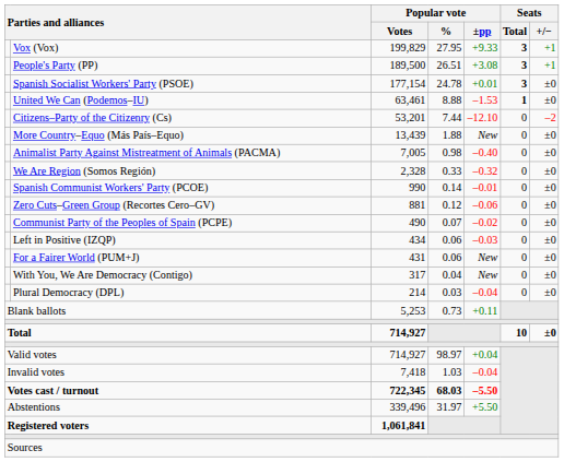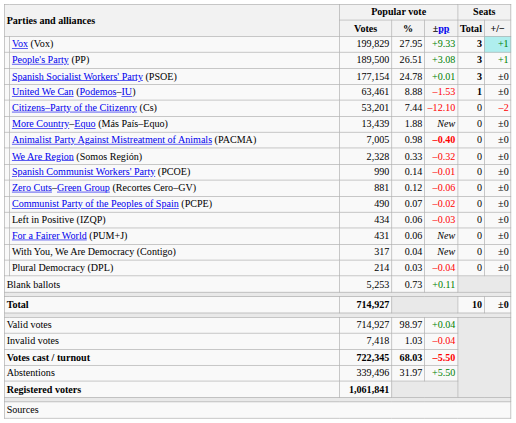 <table class="wikitable" style="text-align:right;">
 <tr>
 <th style="text-align:left;" rowspan="2" colspan="2" width="525">Parties and alliances</th>
 <th colspan="3">Popular vote</th>
 <th colspan="2">Seats</th>
 </tr>
 <tr>
 <th width="75">Votes</th>
 <th width="45">%</th>
 <th width="45">±<a href='#'>pp</a></th>
 <th width="35">Total</th>
 <th width="35">+/−</th>
 </tr>
 <tr>
 <td width="1" style="color:inherit;background:"></td>
 <td align="left"><a href='#'>Vox</a> (Vox)</td>
 <td>199,829</td>
 <td>27.95</td>
 <td style="color:green;">+9.33</td>
 <td><strong>3</strong></td>
-<td style="color:green;">+1</td>
+<td style="background: paleturquoise; color:green;">+1</td>
 </tr>
 <tr>
 <td style="color:inherit;background:"></td>
 <td align="left"><a href='#'>People's Party</a> (PP)</td>
 <td>189,500</td>
 <td>26.51</td>
 <td style="color:green;">+3.08</td>
 <td><strong>3</strong></td>
 <td style="color:green;">+1</td>
 </tr>
 <tr>
 <td style="color:inherit;background:"></td>
 <td align="left"><a href='#'>Spanish Socialist Workers' Party</a> (PSOE)</td>
 <td>177,154</td>
 <td>24.78</td>
 <td style="color:green;">+0.01</td>
 <td><strong>3</strong></td>
 <td>±0</td>
 </tr>
 <tr>
 <td style="color:inherit;background:"></td>
 <td align="left"><a href='#'>United We Can</a> (<a href='#'>Podemos</a>–<a href='#'>IU</a>)</td>
 <td>63,461</td>
 <td>8.88</td>
 <td style="color:red;">–1.53</td>
 <td><strong>1</strong></td>
 <td>±0</td>
 </tr>
 <tr>
 <td style="color:inherit;background:"></td>
 <td align="left"><a href='#'>Citizens–Party of the Citizenry</a> (Cs)</td>
 <td>53,201</td>
 <td>7.44</td>
 <td style="color:red;">–12.10</td>
 <td>0</td>
 <td style="color:red;">–2</td>
 </tr>
 <tr>
 <td style="color:inherit;background:"></td>
 <td align="left"><a href='#'>More Country</a>–<a href='#'>Equo</a> (Más País–Equo)</td>
 <td>13,439</td>
 <td>1.88</td>
 <td><em>New</em></td>
 <td>0</td>
 <td>±0</td>
 </tr>
 <tr>
 <td style="color:inherit;background:"></td>
 <td align="left"><a href='#'>Animalist Party Against Mistreatment of Animals</a> (PACMA)</td>
 <td>7,005</td>
 <td>0.98</td>
-<td style="color:red;">–0.40</td>
+<td style="color:red;"><strong>–0.40</strong></td>
 <td>0</td>
 <td>±0</td>
 </tr>
 <tr>
 <td style="color:inherit;background:"></td>
 <td align="left"><a href='#'>We Are Region</a> (Somos Región)</td>
 <td>2,328</td>
 <td>0.33</td>
 <td style="color:red;">–0.32</td>
 <td>0</td>
 <td>±0</td>
 </tr>
 <tr>
 <td style="color:inherit;background:"></td>
 <td align="left"><a href='#'>Spanish Communist Workers' Party</a> (PCOE)</td>
 <td>990</td>
 <td>0.14</td>
 <td style="color:red;">–0.01</td>
 <td>0</td>
 <td>±0</td>
 </tr>
 <tr>
 <td style="color:inherit;background:"></td>
 <td align="left"><a href='#'>Zero Cuts</a>–<a href='#'>Green Group</a> (Recortes Cero–GV)</td>
 <td>881</td>
 <td>0.12</td>
 <td style="color:red;">–0.06</td>
 <td>0</td>
 <td>±0</td>
 </tr>
 <tr>
 <td style="color:inherit;background:"></td>
 <td align="left"><a href='#'>Communist Party of the Peoples of Spain</a> (PCPE)</td>
 <td>490</td>
 <td>0.07</td>
 <td style="color:red;">–0.02</td>
 <td>0</td>
 <td>±0</td>
 </tr>
 <tr>
 <td style="color:inherit;background:"></td>
 <td align="left">Left in Positive (IZQP)</td>
 <td>434</td>
 <td>0.06</td>
 <td style="color:red;">–0.03</td>
 <td>0</td>
 <td>±0</td>
 </tr>
 <tr>
 <td style="color:inherit;background:"></td>
 <td align="left"><a href='#'>For a Fairer World</a> (PUM+J)</td>
 <td>431</td>
 <td>0.06</td>
 <td><em>New</em></td>
 <td>0</td>
 <td>±0</td>
 </tr>
 <tr>
 <td style="color:inherit;background:"></td>
 <td align="left">With You, We Are Democracy (Contigo)</td>
 <td>317</td>
 <td>0.04</td>
 <td><em>New</em></td>
 <td>0</td>
 <td>±0</td>
 </tr>
 <tr>
 <td style="color:inherit;background:"></td>
 <td align="left">Plural Democracy (DPL)</td>
 <td>214</td>
 <td>0.03</td>
 <td style="color:red;">–0.04</td>
 <td>0</td>
 <td>±0</td>
 </tr>
 <tr>
 <td align="left" colspan="2">Blank ballots</td>
 <td>5,253</td>
 <td>0.73</td>
 <td style="color:green;">+0.11</td>
 <td bgcolor="#E9E9E9" colspan="2"></td>
 </tr>
 <tr>
 <td colspan="7" bgcolor="#E9E9E9"></td>
 </tr>
 <tr style="font-weight:bold;">
 <td align="left" colspan="2">Total</td>
 <td>714,927</td>
 <td bgcolor="#E9E9E9" colspan="2"></td>
 <td>10</td>
 <td>±0</td>
 </tr>
 <tr>
 <td colspan="7" bgcolor="#E9E9E9"></td>
 </tr>
 <tr>
 <td align="left" colspan="2">Valid votes</td>
 <td>714,927</td>
 <td>98.97</td>
 <td style="color:green;">+0.04</td>
 <td bgcolor="#E9E9E9" colspan="2" rowspan="5"></td>
 </tr>
 <tr>
 <td align="left" colspan="2">Invalid votes</td>
 <td>7,418</td>
 <td>1.03</td>
 <td style="color:red;">–0.04</td>
 </tr>
 <tr style="font-weight:bold;">
 <td align="left" colspan="2">Votes cast / turnout</td>
 <td>722,345</td>
 <td>68.03</td>
 <td style="color:red;">–5.50</td>
 </tr>
 <tr>
 <td align="left" colspan="2">Abstentions</td>
 <td>339,496</td>
 <td>31.97</td>
 <td style="color:green;">+5.50</td>
 </tr>
 <tr style="font-weight:bold;">
 <td align="left" colspan="2">Registered voters</td>
 <td>1,061,841</td>
 <td bgcolor="#E9E9E9" colspan="2"></td>
 </tr>
 <tr>
 <td colspan="7" bgcolor="#E9E9E9"></td>
 </tr>
 <tr>
 <td align="left" colspan="7">Sources</td>
 </tr>
 </table>
